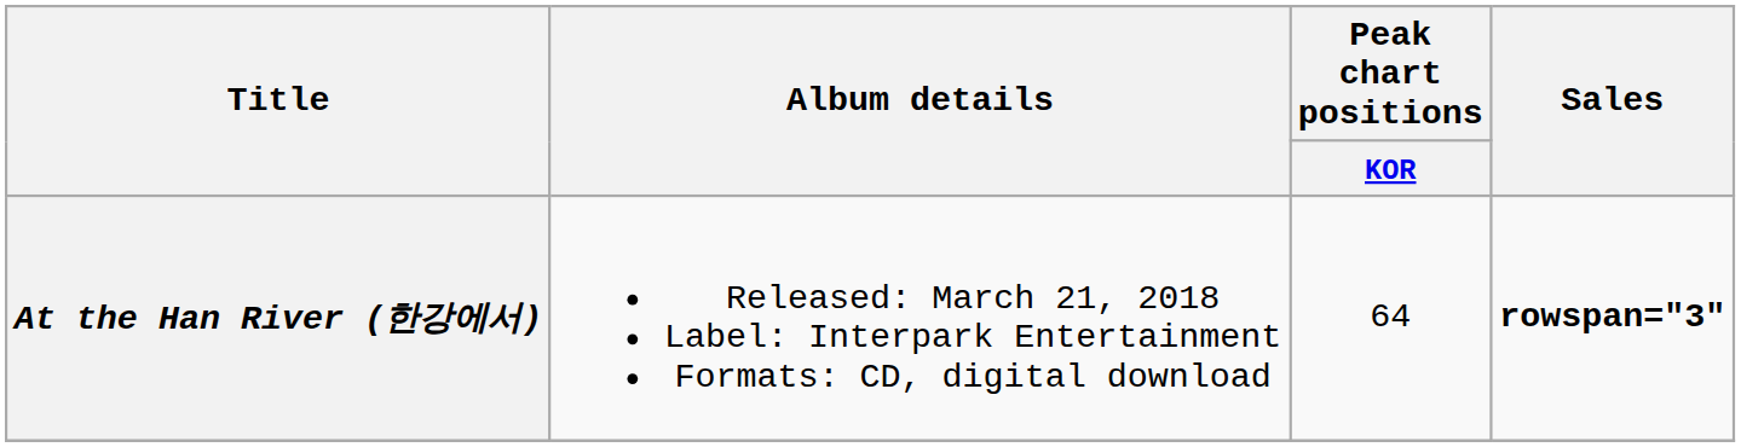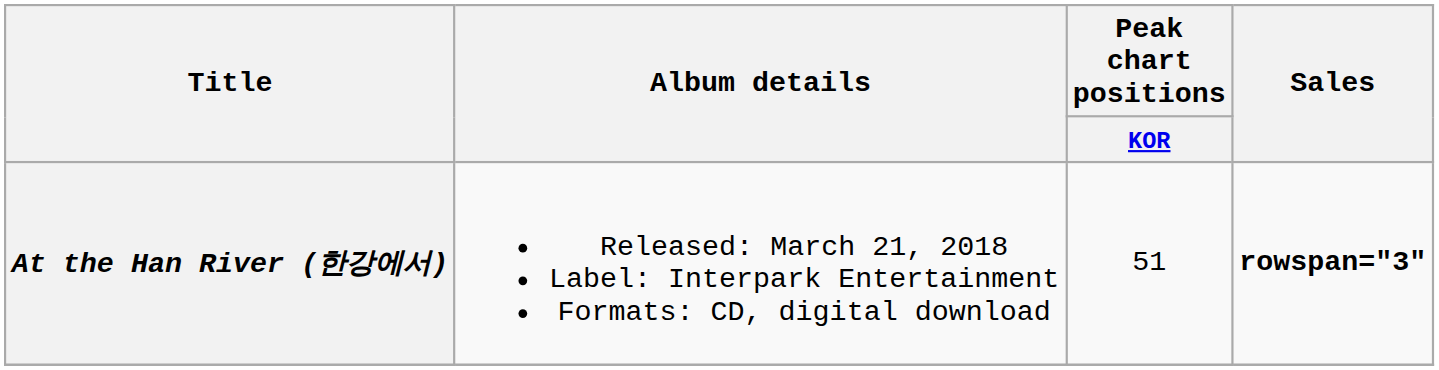 <table class="wikitable plainrowheaders" style="text-align:center;">
 <tr>
 <th scope="col" rowspan="2">Title</th>
 <th scope="col" rowspan="2">Album details</th>
 <th scope="col" colspan="1" style="width:5em;">Peak chart positions</th>
 <th scope="col" rowspan="2">Sales</th>
 </tr>
 <tr>
 <th><small><a href='#'>KOR</a></small><br></th>
 </tr>
 <tr>
 <th scope="row"><em>At the Han River (한강에서)</em></th>
 <td><br><ul><li>Released: March 21, 2018</li><li>Label: Interpark Entertainment</li><li>Formats: CD, digital download</li></ul></td>
-<td>64</td>
+<td>51</td>
 <td><strong>rowspan="3" </strong></td>
 </tr>
 <tr>
 </tr>
 </table>
